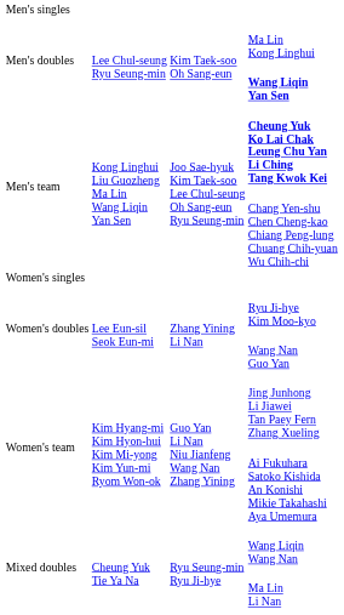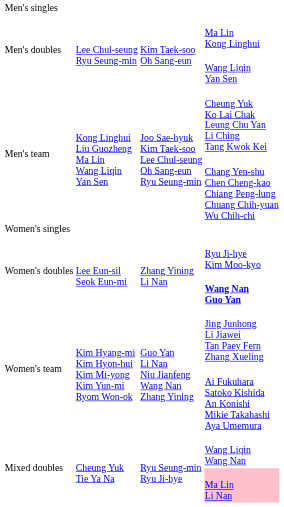 <table>
 <tr>
 <td rowspan=2>Men's singles<br></td>
 <td rowspan=2></td>
 <td rowspan=2></td>
 <td></td>
 </tr>
 <tr>
 <td></td>
 </tr>
 <tr>
 <td rowspan=2>Men's doubles<br></td>
 <td rowspan=2><br><a href='#'>Lee Chul-seung</a><br><a href='#'>Ryu Seung-min</a></td>
 <td rowspan=2><br><a href='#'>Kim Taek-soo</a><br><a href='#'>Oh Sang-eun</a></td>
 <td><br><a href='#'>Ma Lin</a><br><a href='#'>Kong Linghui</a></td>
 </tr>
 <tr>
-<td><strong><br><a href='#'>Wang Liqin</a><br><a href='#'>Yan Sen</a></strong></td>
+<td><br><a href='#'>Wang Liqin</a><br><a href='#'>Yan Sen</a></td>
 </tr>
 <tr>
 <td rowspan=2>Men's team<br></td>
 <td rowspan=2><br><a href='#'>Kong Linghui</a><br><a href='#'>Liu Guozheng</a><br><a href='#'>Ma Lin</a><br><a href='#'>Wang Liqin</a><br><a href='#'>Yan Sen</a></td>
 <td rowspan=2><br><a href='#'>Joo Sae-hyuk</a><br><a href='#'>Kim Taek-soo</a><br><a href='#'>Lee Chul-seung</a><br><a href='#'>Oh Sang-eun</a><br><a href='#'>Ryu Seung-min</a></td>
-<td><strong><br><a href='#'>Cheung Yuk</a><br><a href='#'>Ko Lai Chak</a><br><a href='#'>Leung Chu Yan</a><br><a href='#'>Li Ching</a><br><a href='#'>Tang Kwok Kei</a></strong></td>
+<td><br><a href='#'>Cheung Yuk</a><br><a href='#'>Ko Lai Chak</a><br><a href='#'>Leung Chu Yan</a><br><a href='#'>Li Ching</a><br><a href='#'>Tang Kwok Kei</a></td>
 </tr>
 <tr>
 <td><br><a href='#'>Chang Yen-shu</a><br><a href='#'>Chen Cheng-kao</a><br><a href='#'>Chiang Peng-lung</a><br><a href='#'>Chuang Chih-yuan</a><br><a href='#'>Wu Chih-chi</a></td>
 </tr>
 <tr>
 <td rowspan=2>Women's singles<br></td>
 <td rowspan=2></td>
 <td rowspan=2></td>
 <td></td>
 </tr>
 <tr>
 <td></td>
 </tr>
 <tr>
 <td rowspan=2>Women's doubles<br></td>
 <td rowspan=2><br><a href='#'>Lee Eun-sil</a><br><a href='#'>Seok Eun-mi</a></td>
 <td rowspan=2><br><a href='#'>Zhang Yining</a><br><a href='#'>Li Nan</a></td>
 <td><br><a href='#'>Ryu Ji-hye</a><br><a href='#'>Kim Moo-kyo</a></td>
 </tr>
 <tr>
-<td><br><a href='#'>Wang Nan</a><br><a href='#'>Guo Yan</a></td>
+<td><strong><br><a href='#'>Wang Nan</a><br><a href='#'>Guo Yan</a></strong></td>
 </tr>
 <tr>
 <td rowspan=2>Women's team<br></td>
 <td rowspan=2><br><a href='#'>Kim Hyang-mi</a><br><a href='#'>Kim Hyon-hui</a><br><a href='#'>Kim Mi-yong</a><br><a href='#'>Kim Yun-mi</a><br><a href='#'>Ryom Won-ok</a></td>
 <td rowspan=2><br><a href='#'>Guo Yan</a><br><a href='#'>Li Nan</a><br><a href='#'>Niu Jianfeng</a><br><a href='#'>Wang Nan</a><br><a href='#'>Zhang Yining</a></td>
 <td><br><a href='#'>Jing Junhong</a><br><a href='#'>Li Jiawei</a><br><a href='#'>Tan Paey Fern</a><br><a href='#'>Zhang Xueling</a></td>
 </tr>
 <tr>
 <td><br><a href='#'>Ai Fukuhara</a><br><a href='#'>Satoko Kishida</a><br><a href='#'>An Konishi</a><br><a href='#'>Mikie Takahashi</a><br><a href='#'>Aya Umemura</a></td>
 </tr>
 <tr>
 <td rowspan=2>Mixed doubles<br></td>
 <td rowspan=2><br><a href='#'>Cheung Yuk</a><br><a href='#'>Tie Ya Na</a></td>
 <td rowspan=2><br><a href='#'>Ryu Seung-min</a><br><a href='#'>Ryu Ji-hye</a></td>
 <td><br><a href='#'>Wang Liqin</a><br><a href='#'>Wang Nan</a></td>
 </tr>
 <tr>
-<td><br><a href='#'>Ma Lin</a><br><a href='#'>Li Nan</a></td>
+<td style="background: pink;"><br><a href='#'>Ma Lin</a><br><a href='#'>Li Nan</a></td>
 </tr>
 </table>
